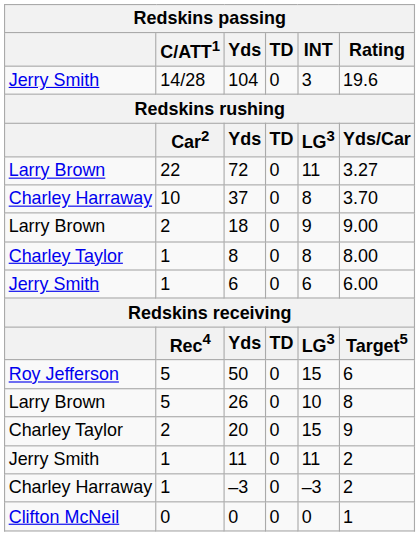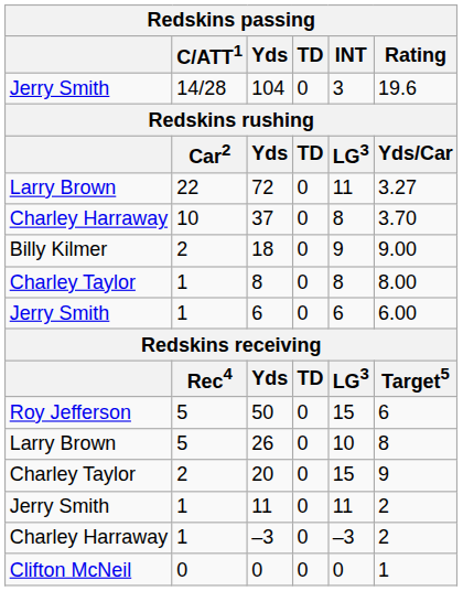 <table class="wikitable">
 <tr>
 <th colspan="6">Redskins passing</th>
 </tr>
 <tr>
 <th></th>
 <th>C/ATT<sup>1</sup></th>
 <th>Yds</th>
 <th>TD</th>
 <th>INT</th>
 <th>Rating</th>
 </tr>
 <tr>
 <td><a href='#'>Jerry Smith</a></td>
 <td>14/28</td>
 <td>104</td>
 <td>0</td>
 <td>3</td>
 <td>19.6</td>
 </tr>
 <tr>
 <th colspan="6">Redskins rushing</th>
 </tr>
 <tr>
 <th></th>
 <th>Car<sup>2</sup></th>
 <th>Yds</th>
 <th>TD</th>
 <th>LG<sup>3</sup></th>
 <th>Yds/Car</th>
 </tr>
 <tr>
 <td><a href='#'>Larry Brown</a></td>
 <td>22</td>
 <td>72</td>
 <td>0</td>
 <td>11</td>
 <td>3.27</td>
 </tr>
 <tr>
 <td><a href='#'>Charley Harraway</a></td>
 <td>10</td>
 <td>37</td>
 <td>0</td>
 <td>8</td>
 <td>3.70</td>
 </tr>
 <tr>
-<td>Larry Brown</td>
+<td>Billy Kilmer</td>
 <td>2</td>
 <td>18</td>
 <td>0</td>
 <td>9</td>
 <td>9.00</td>
 </tr>
 <tr>
 <td><a href='#'>Charley Taylor</a></td>
 <td>1</td>
 <td>8</td>
 <td>0</td>
 <td>8</td>
 <td>8.00</td>
 </tr>
 <tr>
 <td><a href='#'>Jerry Smith</a></td>
 <td>1</td>
 <td>6</td>
 <td>0</td>
 <td>6</td>
 <td>6.00</td>
 </tr>
 <tr>
 <th colspan="6">Redskins receiving</th>
 </tr>
 <tr>
 <th></th>
 <th>Rec<sup>4</sup></th>
 <th>Yds</th>
 <th>TD</th>
 <th>LG<sup>3</sup></th>
 <th>Target<sup>5</sup></th>
 </tr>
 <tr>
 <td><a href='#'>Roy Jefferson</a></td>
 <td>5</td>
 <td>50</td>
 <td>0</td>
 <td>15</td>
 <td>6</td>
 </tr>
 <tr>
 <td>Larry Brown</td>
 <td>5</td>
 <td>26</td>
 <td>0</td>
 <td>10</td>
 <td>8</td>
 </tr>
 <tr>
 <td>Charley Taylor</td>
 <td>2</td>
 <td>20</td>
 <td>0</td>
 <td>15</td>
 <td>9</td>
 </tr>
 <tr>
 <td>Jerry Smith</td>
 <td>1</td>
 <td>11</td>
 <td>0</td>
 <td>11</td>
 <td>2</td>
 </tr>
 <tr>
 <td>Charley Harraway</td>
 <td>1</td>
 <td>–3</td>
 <td>0</td>
 <td>–3</td>
 <td>2</td>
 </tr>
 <tr>
 <td><a href='#'>Clifton McNeil</a></td>
 <td>0</td>
 <td>0</td>
 <td>0</td>
 <td>0</td>
 <td>1</td>
 </tr>
 </table>
